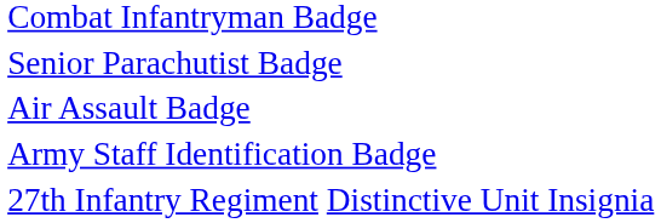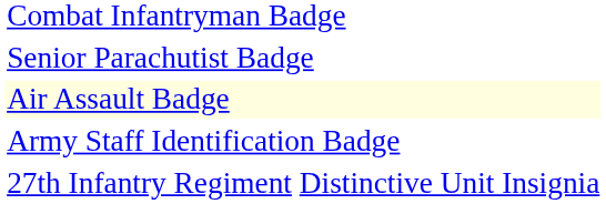 <table>
 <tr>
 <td> <a href='#'>Combat Infantryman Badge</a></td>
 </tr>
 <tr>
 <td> <a href='#'>Senior Parachutist Badge</a></td>
 </tr>
 <tr>
-<td> <a href='#'>Air Assault Badge</a></td>
+<td style="background: lightyellow;"> <a href='#'>Air Assault Badge</a></td>
 </tr>
 <tr>
 <td> <a href='#'>Army Staff Identification Badge</a></td>
 </tr>
 <tr>
 <td> <a href='#'>27th Infantry Regiment</a> <a href='#'>Distinctive Unit Insignia</a></td>
 </tr>
 </table>
